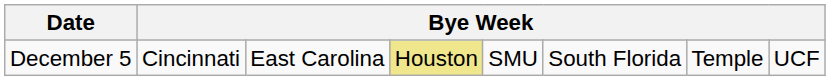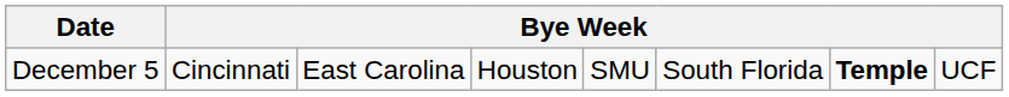 <table class="wikitable" style="font-size:95%;">
 <tr>
 <th>Date</th>
 <th colspan="8">Bye Week</th>
 </tr>
 <tr>
 <td>December 5</td>
 <td>Cincinnati</td>
 <td>East Carolina</td>
-<td style="background: khaki;">Houston</td>
+<td>Houston</td>
 <td>SMU</td>
 <td>South Florida</td>
-<td>Temple</td>
+<td><strong>Temple</strong></td>
 <td>UCF</td>
 </tr>
 </table>
